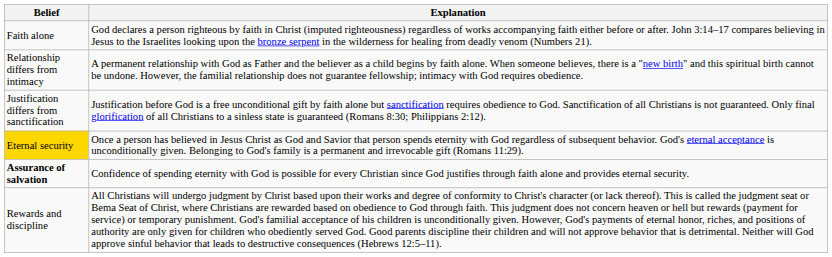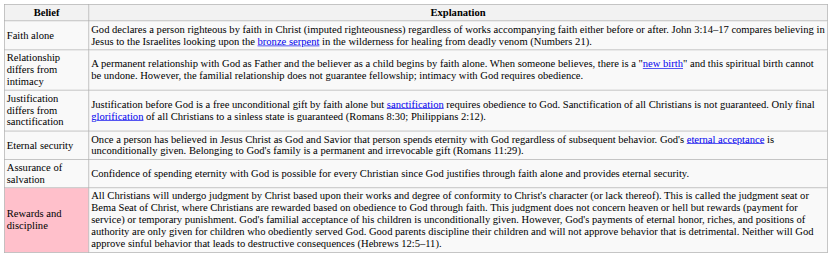 <table class="wikitable">
 <tr>
 <th>Belief</th>
 <th>Explanation</th>
 </tr>
 <tr>
 <td>Faith alone</td>
 <td>God declares a person righteous by faith in Christ (imputed righteousness) regardless of works accompanying faith either before or after. John 3:14–17 compares believing in Jesus to the Israelites looking upon the <a href='#'>bronze serpent</a> in the wilderness for healing from deadly venom (Numbers 21).</td>
 </tr>
 <tr>
 <td>Relationship differs from intimacy</td>
 <td>A permanent relationship with God as Father and the believer as a child begins by faith alone. When someone believes, there is a "<a href='#'>new birth</a>" and this spiritual birth cannot be undone. However, the familial relationship does not guarantee fellowship; intimacy with God requires obedience.</td>
 </tr>
 <tr>
 <td>Justification differs from sanctification</td>
 <td>Justification before God is a free unconditional gift by faith alone but <a href='#'>sanctification</a> requires obedience to God. Sanctification of all Christians is not guaranteed. Only final <a href='#'>glorification</a> of all Christians to a sinless state is guaranteed (Romans 8:30; Philippians 2:12).</td>
 </tr>
 <tr>
-<td style="background: gold;">Eternal security</td>
+<td>Eternal security</td>
 <td>Once a person has believed in Jesus Christ as God and Savior that person spends eternity with God regardless of subsequent behavior. God's <a href='#'>eternal acceptance</a> is unconditionally given. Belonging to God's family is a permanent and irrevocable gift (Romans 11:29).</td>
 </tr>
 <tr>
-<td><strong>Assurance of salvation</strong></td>
+<td>Assurance of salvation</td>
 <td>Confidence of spending eternity with God is possible for every Christian since God justifies through faith alone and provides eternal security.</td>
 </tr>
 <tr>
-<td>Rewards and discipline</td>
+<td style="background: pink;">Rewards and discipline</td>
 <td>All Christians will undergo judgment by Christ based upon their works and degree of conformity to Christ's character (or lack thereof). This is called the judgment seat or Bema Seat of Christ, where Christians are rewarded based on obedience to God through faith. This judgment does not concern heaven or hell but rewards (payment for service) or temporary punishment. God's familial acceptance of his children is unconditionally given. However, God's payments of eternal honor, riches, and positions of authority are only given for children who obediently served God.  Good parents discipline their children and will not approve behavior that is detrimental. Neither will God approve sinful behavior that leads to destructive consequences (Hebrews 12:5–11).</td>
 </tr>
 </table>
